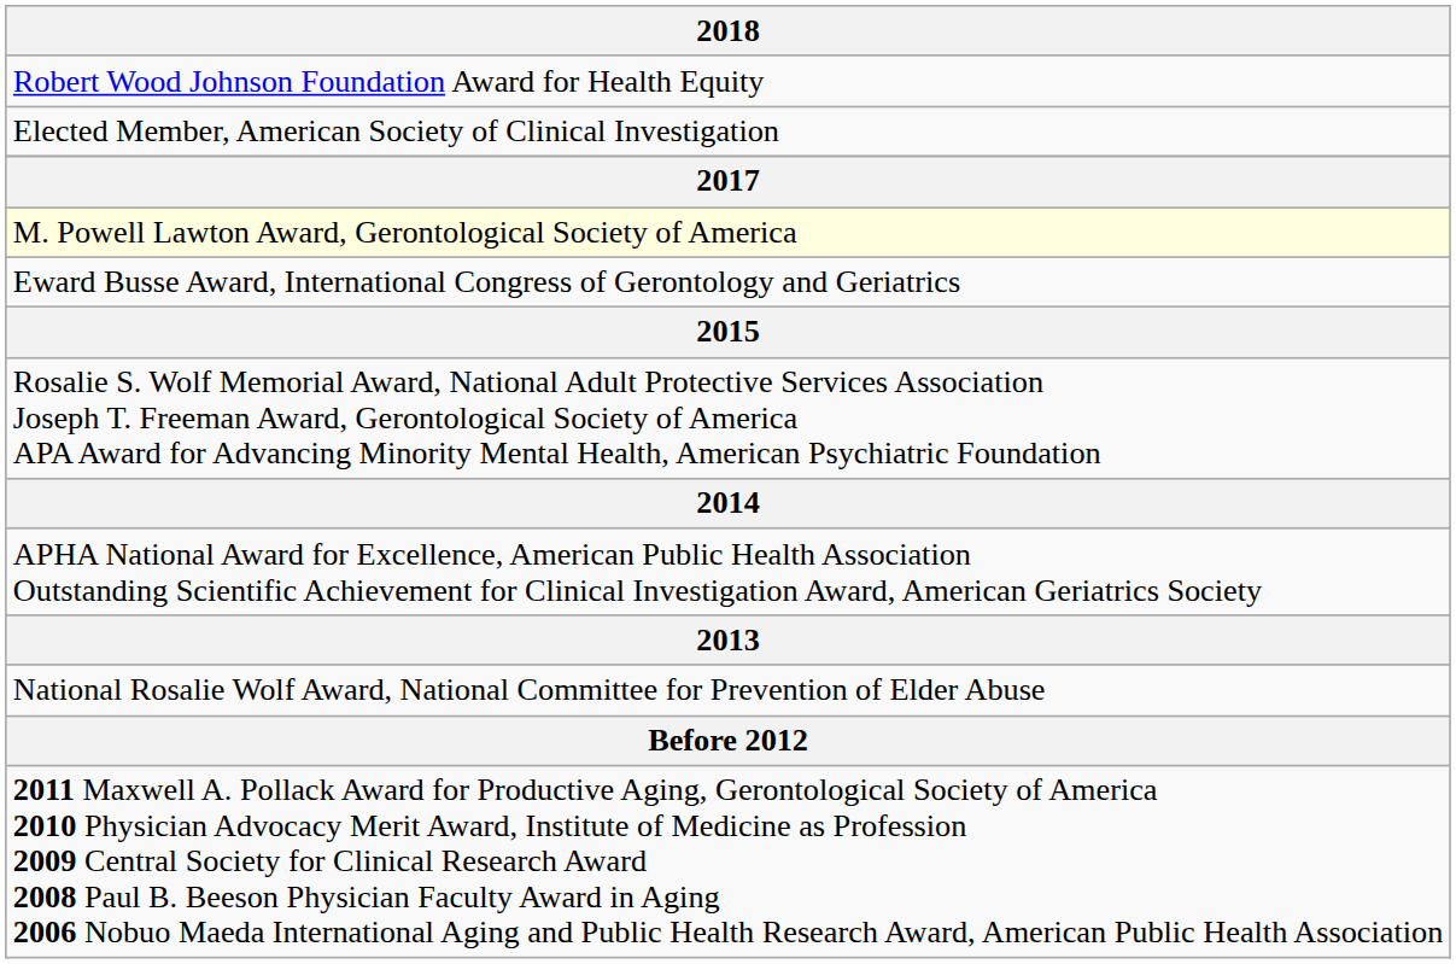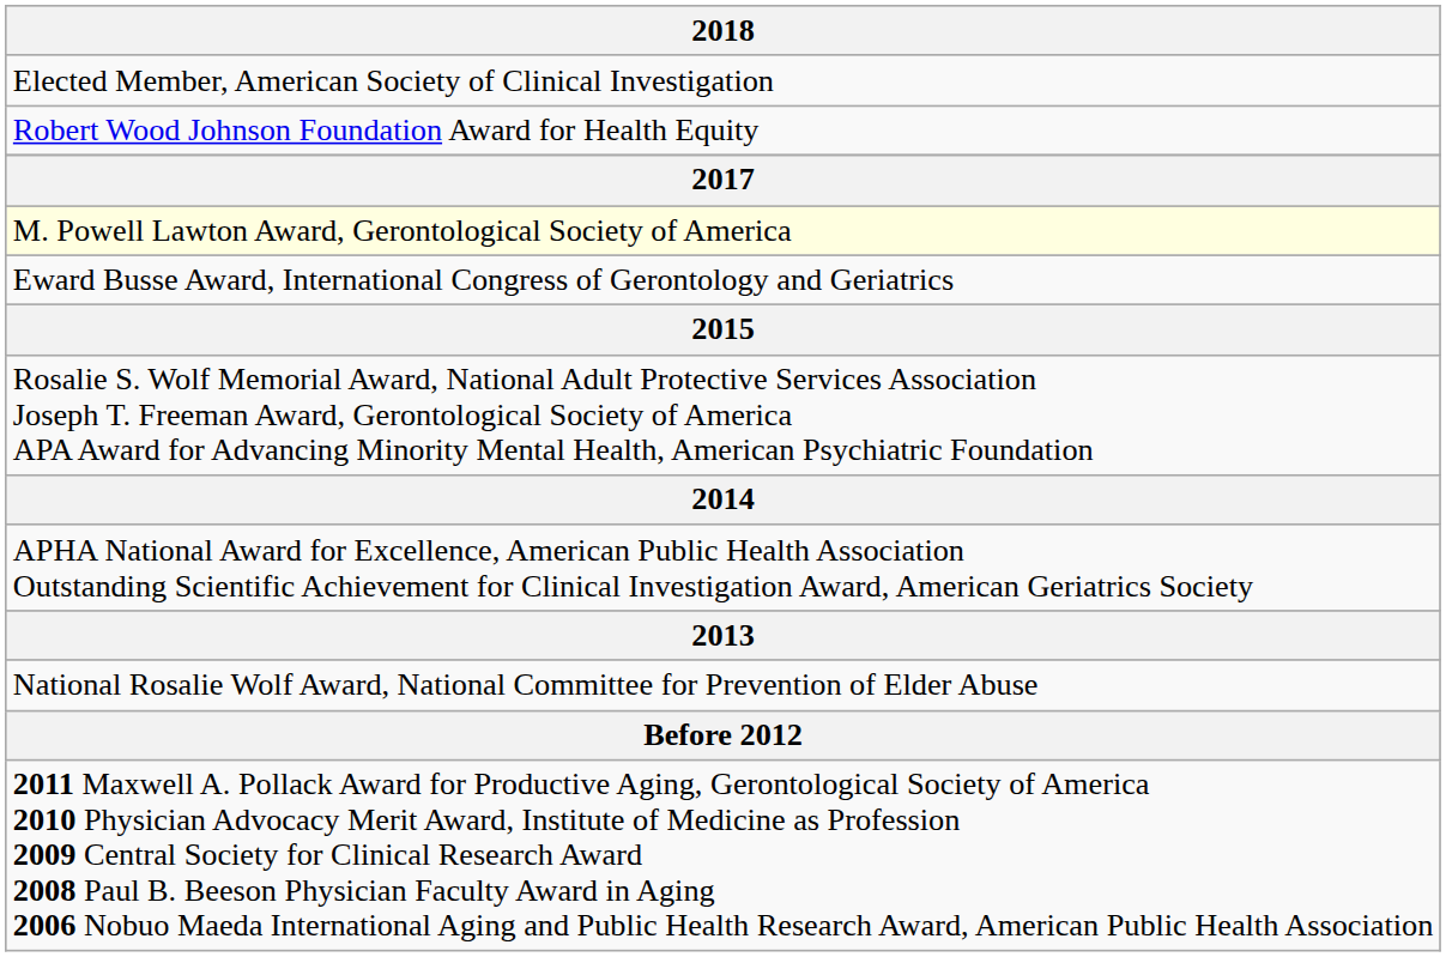 <table class="wikitable">
 <tr>
 <th>2018</th>
 </tr>
 <tr>
-<td><a href='#'>Robert Wood Johnson Foundation</a> Award for Health Equity</td>
+<td>Elected Member, American Society of Clinical Investigation</td>
 </tr>
 <tr>
-<td>Elected Member, American Society of Clinical Investigation</td>
+<td><a href='#'>Robert Wood Johnson Foundation</a> Award for Health Equity</td>
 </tr>
 <tr>
 </tr>
 <tr>
 <th>2017</th>
 </tr>
 <tr>
 <td style="background: lightyellow;">M. Powell Lawton Award, Gerontological Society of America</td>
 </tr>
 <tr>
 <td>Eward Busse Award, International Congress of Gerontology and Geriatrics</td>
 </tr>
 <tr>
 <th>2015</th>
 </tr>
 <tr>
 <td>Rosalie S. Wolf Memorial Award, National Adult Protective Services Association<br>Joseph T. Freeman Award, Gerontological Society of America<br>APA Award for Advancing Minority Mental Health, American Psychiatric Foundation</td>
 </tr>
 <tr>
 <th>2014</th>
 </tr>
 <tr>
 <td>APHA National Award for Excellence, American Public Health Association<br>Outstanding Scientific Achievement for Clinical Investigation Award, American Geriatrics Society</td>
 </tr>
 <tr>
 <th>2013</th>
 </tr>
 <tr twigssales>
 <td>National Rosalie Wolf Award, National Committee for Prevention of Elder Abuse</td>
 </tr>
 <tr>
 <th>Before 2012</th>
 </tr>
 <tr>
 <td><strong>2011</strong> Maxwell A. Pollack Award for Productive Aging, Gerontological Society of America<br><strong>2010</strong> Physician Advocacy Merit Award, Institute of Medicine as Profession<br><strong>2009</strong> Central Society for Clinical Research Award<br><strong>2008</strong> Paul B. Beeson Physician Faculty Award in Aging<br><strong>2006</strong> Nobuo Maeda International Aging and Public Health Research Award, American Public Health Association</td>
 </tr>
 </table>
